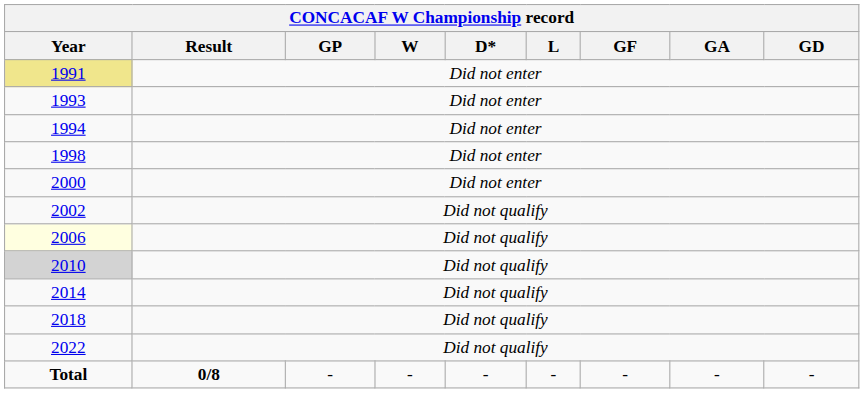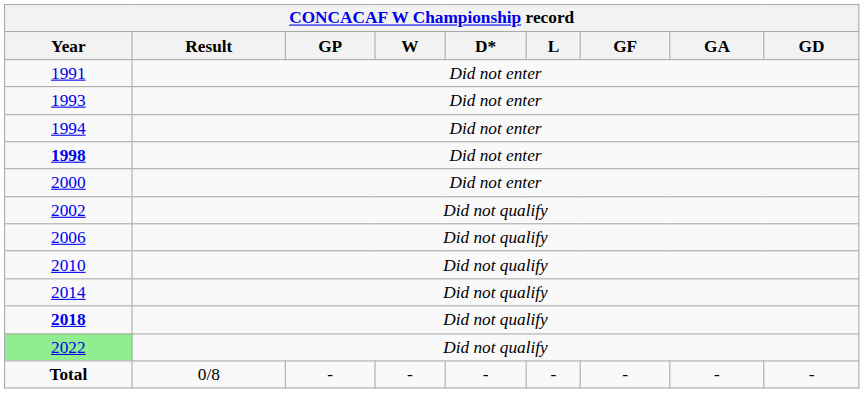 <table class="wikitable" style="text-align: center; width:50%;">
 <tr>
 <th colspan=10><a href='#'>CONCACAF W Championship</a> record</th>
 </tr>
 <tr>
 <th>Year</th>
 <th>Result</th>
 <th>GP</th>
 <th>W</th>
 <th>D*</th>
 <th>L</th>
 <th>GF</th>
 <th>GA</th>
 <th>GD</th>
 </tr>
 <tr>
-<td style="background: khaki;"> <a href='#'>1991</a></td>
+<td> <a href='#'>1991</a></td>
 <td colspan=8><em>Did not enter</em></td>
 </tr>
 <tr>
 <td> <a href='#'>1993</a></td>
 <td colspan=8><em>Did not enter</em></td>
 </tr>
 <tr>
 <td> <a href='#'>1994</a></td>
 <td colspan=8><em>Did not enter</em></td>
 </tr>
 <tr>
-<td> <a href='#'>1998</a></td>
+<td><strong> <a href='#'>1998</a></strong></td>
 <td colspan=8><em>Did not enter</em></td>
 </tr>
 <tr>
 <td> <a href='#'>2000</a></td>
 <td colspan=8><em>Did not enter</em></td>
 </tr>
 <tr>
 <td> <a href='#'>2002</a></td>
 <td colspan=8><em>Did not qualify</em></td>
 </tr>
 <tr>
-<td style="background: lightyellow;"> <a href='#'>2006</a></td>
+<td> <a href='#'>2006</a></td>
 <td colspan=8><em>Did not qualify</em></td>
 </tr>
 <tr>
-<td style="background: lightgrey;"> <a href='#'>2010</a></td>
+<td> <a href='#'>2010</a></td>
 <td colspan=8><em>Did not qualify</em></td>
 </tr>
 <tr>
 <td> <a href='#'>2014</a></td>
 <td colspan=8><em>Did not qualify</em></td>
 </tr>
 <tr>
-<td> <a href='#'>2018</a></td>
+<td><strong> <a href='#'>2018</a></strong></td>
 <td colspan=8><em>Did not qualify</em></td>
 </tr>
 <tr>
-<td> <a href='#'>2022</a></td>
+<td style="background: lightgreen;"> <a href='#'>2022</a></td>
 <td colspan=8><em>Did not qualify</em></td>
 </tr>
 <tr>
 <td><strong>Total</strong></td>
-<td><strong>0/8</strong></td>
+<td>0/8</td>
 <td>-</td>
 <td>-</td>
 <td>-</td>
 <td>-</td>
 <td>-</td>
 <td>-</td>
 <td>-</td>
 </tr>
 </table>
